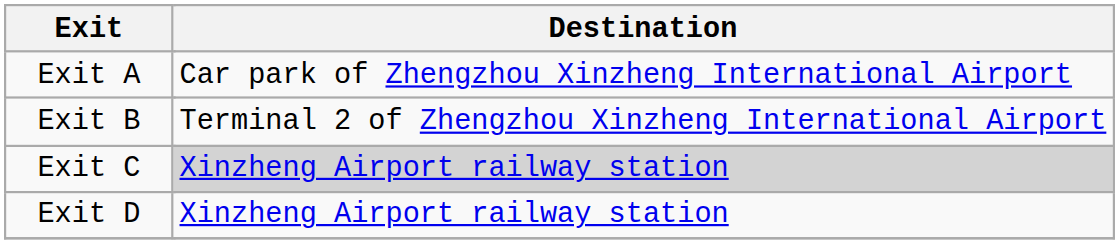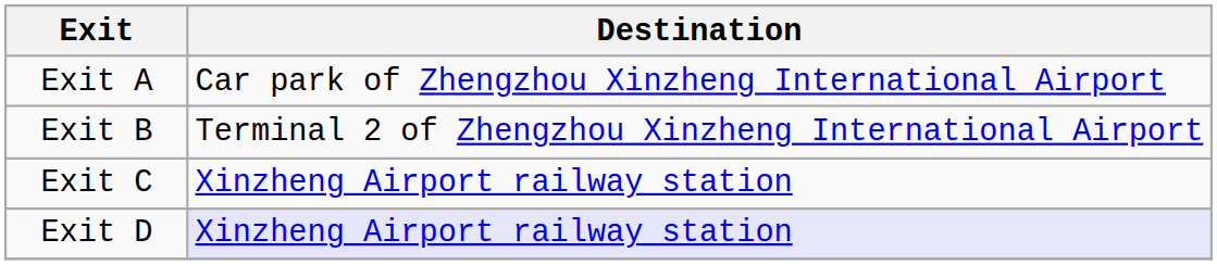 <table class="wikitable">
 <tr>
 <th style="width:70px" colspan="2">Exit</th>
 <th>Destination</th>
 </tr>
 <tr>
 <td align="center" colspan="2">Exit A</td>
 <td>Car park of <a href='#'>Zhengzhou Xinzheng International Airport</a></td>
 </tr>
 <tr>
 <td align="center" colspan="2">Exit B</td>
 <td>Terminal 2 of <a href='#'>Zhengzhou Xinzheng International Airport</a></td>
 </tr>
 <tr>
 <td align="center" colspan="2">Exit C</td>
-<td style="background: lightgrey;"><a href='#'>Xinzheng Airport railway station</a></td>
+<td><a href='#'>Xinzheng Airport railway station</a></td>
 </tr>
 <tr>
 <td align="center" colspan="2">Exit D</td>
-<td><a href='#'>Xinzheng Airport railway station</a></td>
+<td style="background: lavender;"><a href='#'>Xinzheng Airport railway station</a></td>
 </tr>
 <tr>
 </tr>
 </table>
